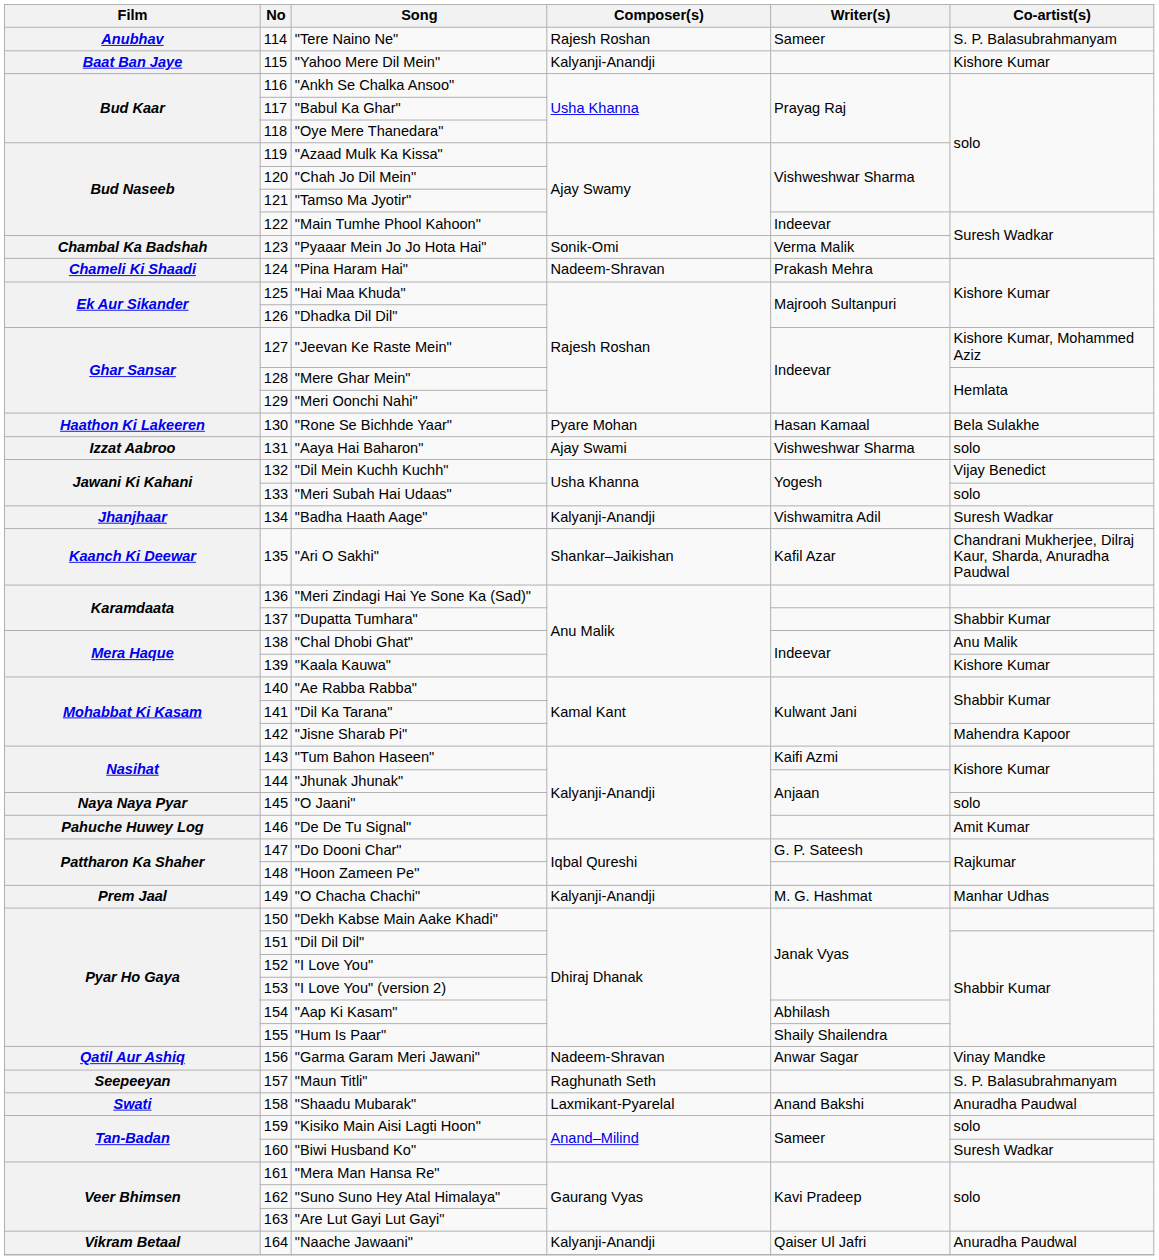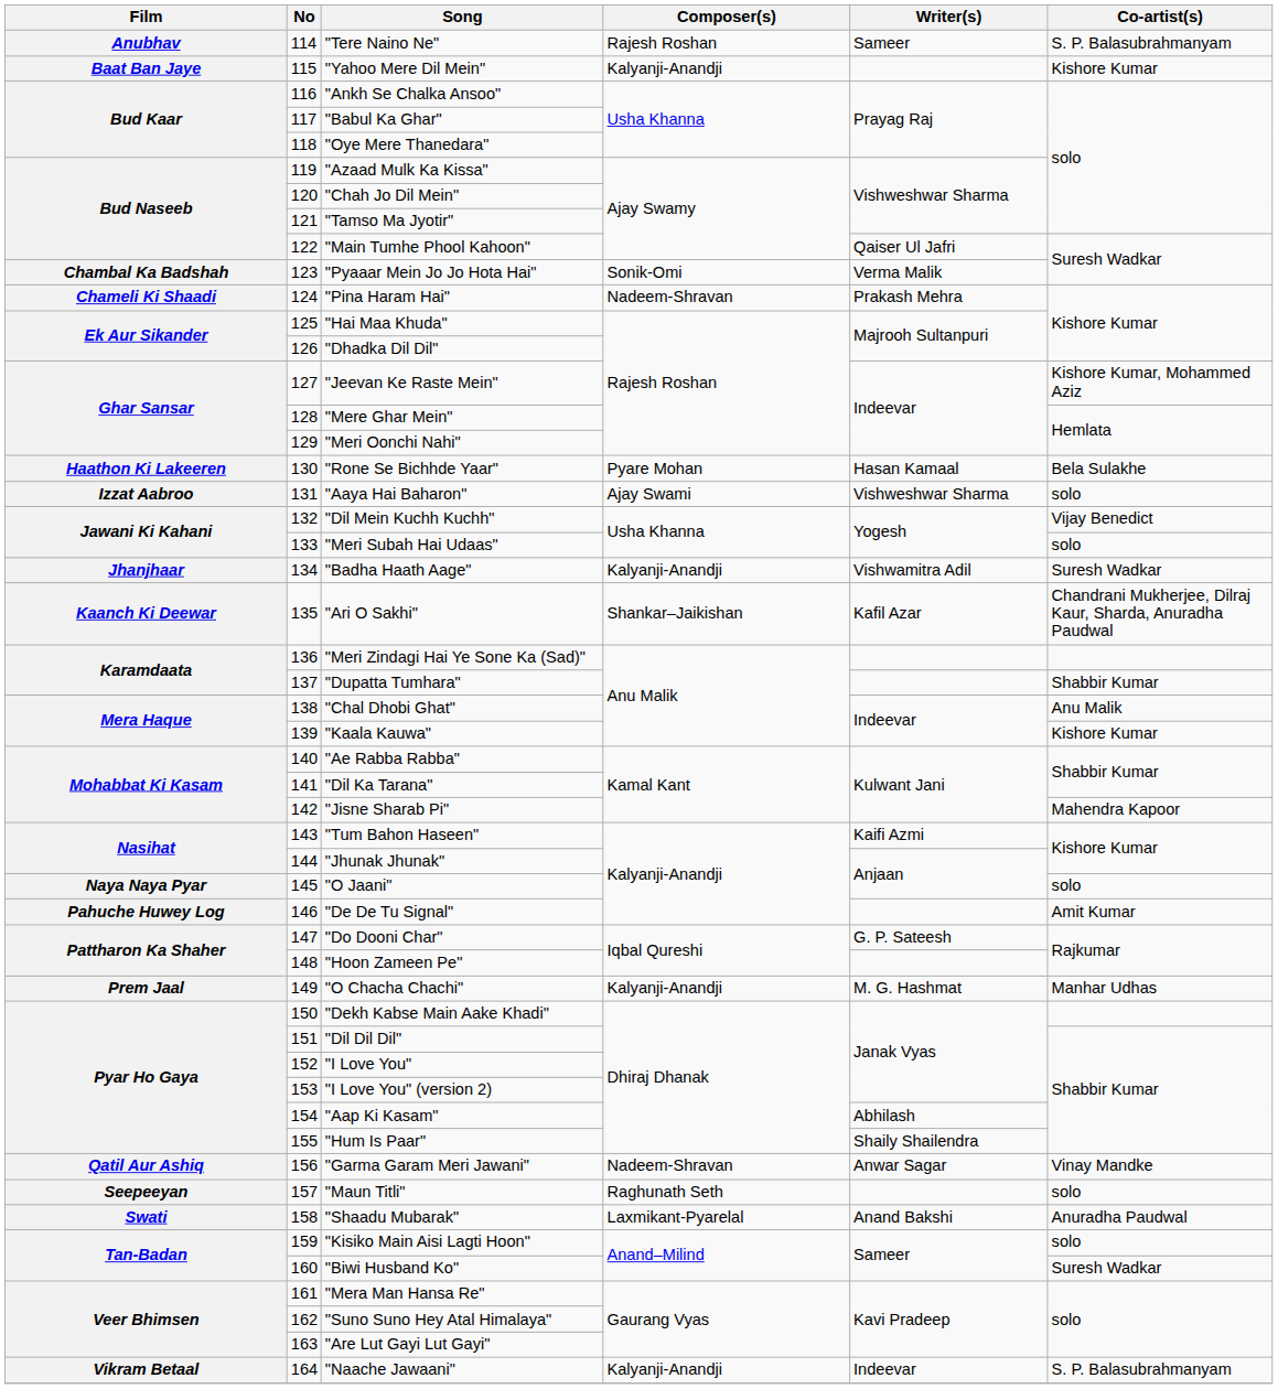 <table class="wikitable plainrowheaders" width="100%" textcolor:#000;">
 <tr style="background:#b0e0e66;">
 <th scope="col" width=23%><strong>Film</strong></th>
 <th><strong>No</strong></th>
 <th scope="col" width=23%><strong>Song</strong></th>
 <th scope="col" width=20%><strong>Composer(s)</strong></th>
 <th scope="col" width=16%><strong>Writer(s)</strong></th>
 <th scope="col" width=18%><strong>Co-artist(s)</strong></th>
 </tr>
 <tr>
 <th><em><a href='#'>Anubhav</a></em></th>
 <td>114</td>
 <td>"Tere Naino Ne"</td>
 <td>Rajesh Roshan</td>
 <td>Sameer</td>
 <td>S. P. Balasubrahmanyam</td>
 </tr>
 <tr>
 <th><em><a href='#'>Baat Ban Jaye</a></em></th>
 <td>115</td>
 <td>"Yahoo Mere Dil Mein"</td>
 <td>Kalyanji-Anandji</td>
 <td></td>
 <td>Kishore Kumar</td>
 </tr>
 <tr>
 <th rowspan="3"><em>Bud Kaar</em></th>
 <td>116</td>
 <td>"Ankh Se Chalka Ansoo"</td>
 <td rowspan=3><a href='#'>Usha Khanna</a></td>
 <td rowspan=3>Prayag Raj</td>
 <td rowspan=6>solo</td>
 </tr>
 <tr>
 <td>117</td>
 <td>"Babul Ka Ghar"</td>
 </tr>
 <tr>
 <td>118</td>
 <td>"Oye Mere Thanedara"</td>
 </tr>
 <tr>
 <th rowspan=4><em>Bud Naseeb</em></th>
 <td>119</td>
 <td>"Azaad Mulk Ka Kissa"</td>
 <td rowspan=4>Ajay Swamy</td>
 <td rowspan=3>Vishweshwar Sharma</td>
 </tr>
 <tr>
 <td>120</td>
 <td>"Chah Jo Dil Mein"</td>
 </tr>
 <tr>
 <td>121</td>
 <td>"Tamso Ma Jyotir"</td>
 </tr>
 <tr>
 <td>122</td>
 <td>"Main Tumhe Phool Kahoon"</td>
-<td>Indeevar</td>
+<td>Qaiser Ul Jafri</td>
 <td rowspan=2>Suresh Wadkar</td>
 </tr>
 <tr>
 <th><em>Chambal Ka Badshah</em></th>
 <td>123</td>
 <td>"Pyaaar Mein Jo Jo Hota Hai"</td>
 <td>Sonik-Omi</td>
 <td>Verma Malik</td>
 </tr>
 <tr>
 <th><em><a href='#'>Chameli Ki Shaadi</a></em></th>
 <td>124</td>
 <td>"Pina Haram Hai"</td>
 <td>Nadeem-Shravan</td>
 <td>Prakash Mehra</td>
 <td rowspan=3>Kishore Kumar</td>
 </tr>
 <tr>
 <th rowspan=2><em><a href='#'>Ek Aur Sikander</a></em></th>
 <td>125</td>
 <td>"Hai Maa Khuda"</td>
 <td rowspan=5>Rajesh Roshan</td>
 <td rowspan=2>Majrooh Sultanpuri</td>
 </tr>
 <tr>
 <td>126</td>
 <td>"Dhadka Dil Dil"</td>
 </tr>
 <tr>
 <th rowspan=3><em><a href='#'>Ghar Sansar</a></em></th>
 <td>127</td>
 <td>"Jeevan Ke Raste Mein"</td>
 <td rowspan=3>Indeevar</td>
 <td>Kishore Kumar, Mohammed Aziz</td>
 </tr>
 <tr>
 <td>128</td>
 <td>"Mere Ghar Mein"</td>
 <td rowspan=2>Hemlata</td>
 </tr>
 <tr>
 <td>129</td>
 <td>"Meri Oonchi Nahi"</td>
 </tr>
 <tr>
 <th><em><a href='#'>Haathon Ki Lakeeren</a></em></th>
 <td>130</td>
 <td>"Rone Se Bichhde Yaar"</td>
 <td>Pyare Mohan</td>
 <td>Hasan Kamaal</td>
 <td>Bela Sulakhe</td>
 </tr>
 <tr>
 <th><em>Izzat Aabroo</em></th>
 <td>131</td>
 <td>"Aaya Hai Baharon"</td>
 <td>Ajay Swami</td>
 <td>Vishweshwar Sharma</td>
 <td>solo</td>
 </tr>
 <tr>
 <th rowspan=2><em>Jawani Ki Kahani</em></th>
 <td>132</td>
 <td>"Dil Mein Kuchh Kuchh"</td>
 <td rowspan=2>Usha Khanna</td>
 <td rowspan=2>Yogesh</td>
 <td>Vijay Benedict</td>
 </tr>
 <tr>
 <td>133</td>
 <td>"Meri Subah Hai Udaas"</td>
 <td>solo</td>
 </tr>
 <tr>
 <th><em><a href='#'>Jhanjhaar</a></em></th>
 <td>134</td>
 <td>"Badha Haath Aage"</td>
 <td>Kalyanji-Anandji</td>
 <td>Vishwamitra Adil</td>
 <td>Suresh Wadkar</td>
 </tr>
 <tr>
 <th><em><a href='#'>Kaanch Ki Deewar</a></em></th>
 <td>135</td>
 <td>"Ari O Sakhi"</td>
 <td>Shankar–Jaikishan</td>
 <td>Kafil Azar</td>
 <td>Chandrani Mukherjee, Dilraj Kaur, Sharda, Anuradha Paudwal</td>
 </tr>
 <tr>
 <th rowspan="2"><em>Karamdaata</em></th>
 <td>136</td>
 <td>"Meri Zindagi Hai Ye Sone Ka (Sad)"</td>
 <td rowspan="4">Anu Malik</td>
 <td></td>
 <td></td>
 </tr>
 <tr>
 <td>137</td>
 <td>"Dupatta Tumhara"</td>
 <td></td>
 <td>Shabbir Kumar</td>
 </tr>
 <tr>
 <th rowspan=2><em><a href='#'>Mera Haque</a></em></th>
 <td>138</td>
 <td>"Chal Dhobi Ghat"</td>
 <td rowspan=2>Indeevar</td>
 <td>Anu Malik</td>
 </tr>
 <tr>
 <td>139</td>
 <td>"Kaala Kauwa"</td>
 <td>Kishore Kumar</td>
 </tr>
 <tr>
 <th rowspan=3><em><a href='#'>Mohabbat Ki Kasam</a></em></th>
 <td>140</td>
 <td>"Ae Rabba Rabba"</td>
 <td rowspan=3>Kamal Kant</td>
 <td rowspan=3>Kulwant Jani</td>
 <td rowspan=2>Shabbir Kumar</td>
 </tr>
 <tr>
 <td>141</td>
 <td>"Dil Ka Tarana"</td>
 </tr>
 <tr>
 <td>142</td>
 <td>"Jisne Sharab Pi"</td>
 <td>Mahendra Kapoor</td>
 </tr>
 <tr>
 <th rowspan=2><em><a href='#'>Nasihat</a></em></th>
 <td>143</td>
 <td>"Tum Bahon Haseen"</td>
 <td rowspan=4>Kalyanji-Anandji</td>
 <td>Kaifi Azmi</td>
 <td rowspan=2>Kishore Kumar</td>
 </tr>
 <tr>
 <td>144</td>
 <td>"Jhunak Jhunak"</td>
 <td rowspan=2>Anjaan</td>
 </tr>
 <tr>
 <th><em>Naya Naya Pyar</em></th>
 <td>145</td>
 <td>"O Jaani"</td>
 <td>solo</td>
 </tr>
 <tr>
 <th><em>Pahuche Huwey Log</em></th>
 <td>146</td>
 <td>"De De Tu Signal"</td>
 <td></td>
 <td>Amit Kumar</td>
 </tr>
 <tr>
 <th rowspan=2><em>Pattharon Ka Shaher</em></th>
 <td>147</td>
 <td>"Do Dooni Char"</td>
 <td rowspan=2>Iqbal Qureshi</td>
 <td>G. P. Sateesh</td>
 <td rowspan=2>Rajkumar</td>
 </tr>
 <tr>
 <td>148</td>
 <td>"Hoon Zameen Pe"</td>
 </tr>
 <tr>
 <th><em>Prem Jaal</em></th>
 <td>149</td>
 <td>"O Chacha Chachi"</td>
 <td>Kalyanji-Anandji</td>
 <td>M. G. Hashmat</td>
 <td>Manhar Udhas</td>
 </tr>
 <tr>
 <th rowspan=6><em>Pyar Ho Gaya</em></th>
 <td>150</td>
 <td>"Dekh Kabse Main Aake Khadi"</td>
 <td rowspan=6>Dhiraj Dhanak</td>
 <td rowspan=4>Janak Vyas</td>
 </tr>
 <tr>
 <td>151</td>
 <td>"Dil Dil Dil"</td>
 <td rowspan="5">Shabbir Kumar</td>
 </tr>
 <tr>
 <td>152</td>
 <td>"I Love You"</td>
 </tr>
 <tr>
 <td>153</td>
 <td>"I Love You" (version 2)</td>
 </tr>
 <tr>
 <td>154</td>
 <td>"Aap Ki Kasam"</td>
 <td>Abhilash</td>
 </tr>
 <tr>
 <td>155</td>
 <td>"Hum Is Paar"</td>
 <td>Shaily Shailendra</td>
 </tr>
 <tr>
 <th><em><a href='#'>Qatil Aur Ashiq</a></em></th>
 <td>156</td>
 <td>"Garma Garam Meri Jawani"</td>
 <td>Nadeem-Shravan</td>
 <td>Anwar Sagar</td>
 <td>Vinay Mandke</td>
 </tr>
 <tr>
 <th><em>Seepeeyan</em></th>
 <td>157</td>
 <td>"Maun Titli"</td>
 <td>Raghunath Seth</td>
 <td></td>
-<td>S. P. Balasubrahmanyam</td>
+<td>solo</td>
 </tr>
 <tr>
 <th><em><a href='#'>Swati</a></em></th>
 <td>158</td>
 <td>"Shaadu Mubarak"</td>
 <td>Laxmikant-Pyarelal</td>
 <td>Anand Bakshi</td>
 <td>Anuradha Paudwal</td>
 </tr>
 <tr>
 <th rowspan="2"><em><a href='#'>Tan-Badan</a></em></th>
 <td>159</td>
 <td>"Kisiko Main Aisi Lagti Hoon"</td>
 <td rowspan="2"><a href='#'>Anand–Milind</a></td>
 <td rowspan=2>Sameer</td>
 <td>solo</td>
 </tr>
 <tr>
 <td>160</td>
 <td>"Biwi Husband Ko"</td>
 <td>Suresh Wadkar</td>
 </tr>
 <tr>
 <th rowspan=3><em>Veer Bhimsen</em></th>
 <td>161</td>
 <td>"Mera Man Hansa Re"</td>
 <td rowspan=3>Gaurang Vyas</td>
 <td rowspan=3>Kavi Pradeep</td>
 <td rowspan=3>solo</td>
 </tr>
 <tr>
 <td>162</td>
 <td>"Suno Suno Hey Atal Himalaya"</td>
 </tr>
 <tr>
 <td>163</td>
 <td>"Are Lut Gayi Lut Gayi"</td>
 </tr>
 <tr>
 <th><em>Vikram Betaal</em></th>
 <td>164</td>
 <td>"Naache Jawaani"</td>
 <td>Kalyanji-Anandji</td>
-<td>Qaiser Ul Jafri</td>
-<td>Anuradha Paudwal</td>
+<td>Indeevar</td>
+<td>S. P. Balasubrahmanyam</td>
 </tr>
 <tr>
 </tr>
 </table>
